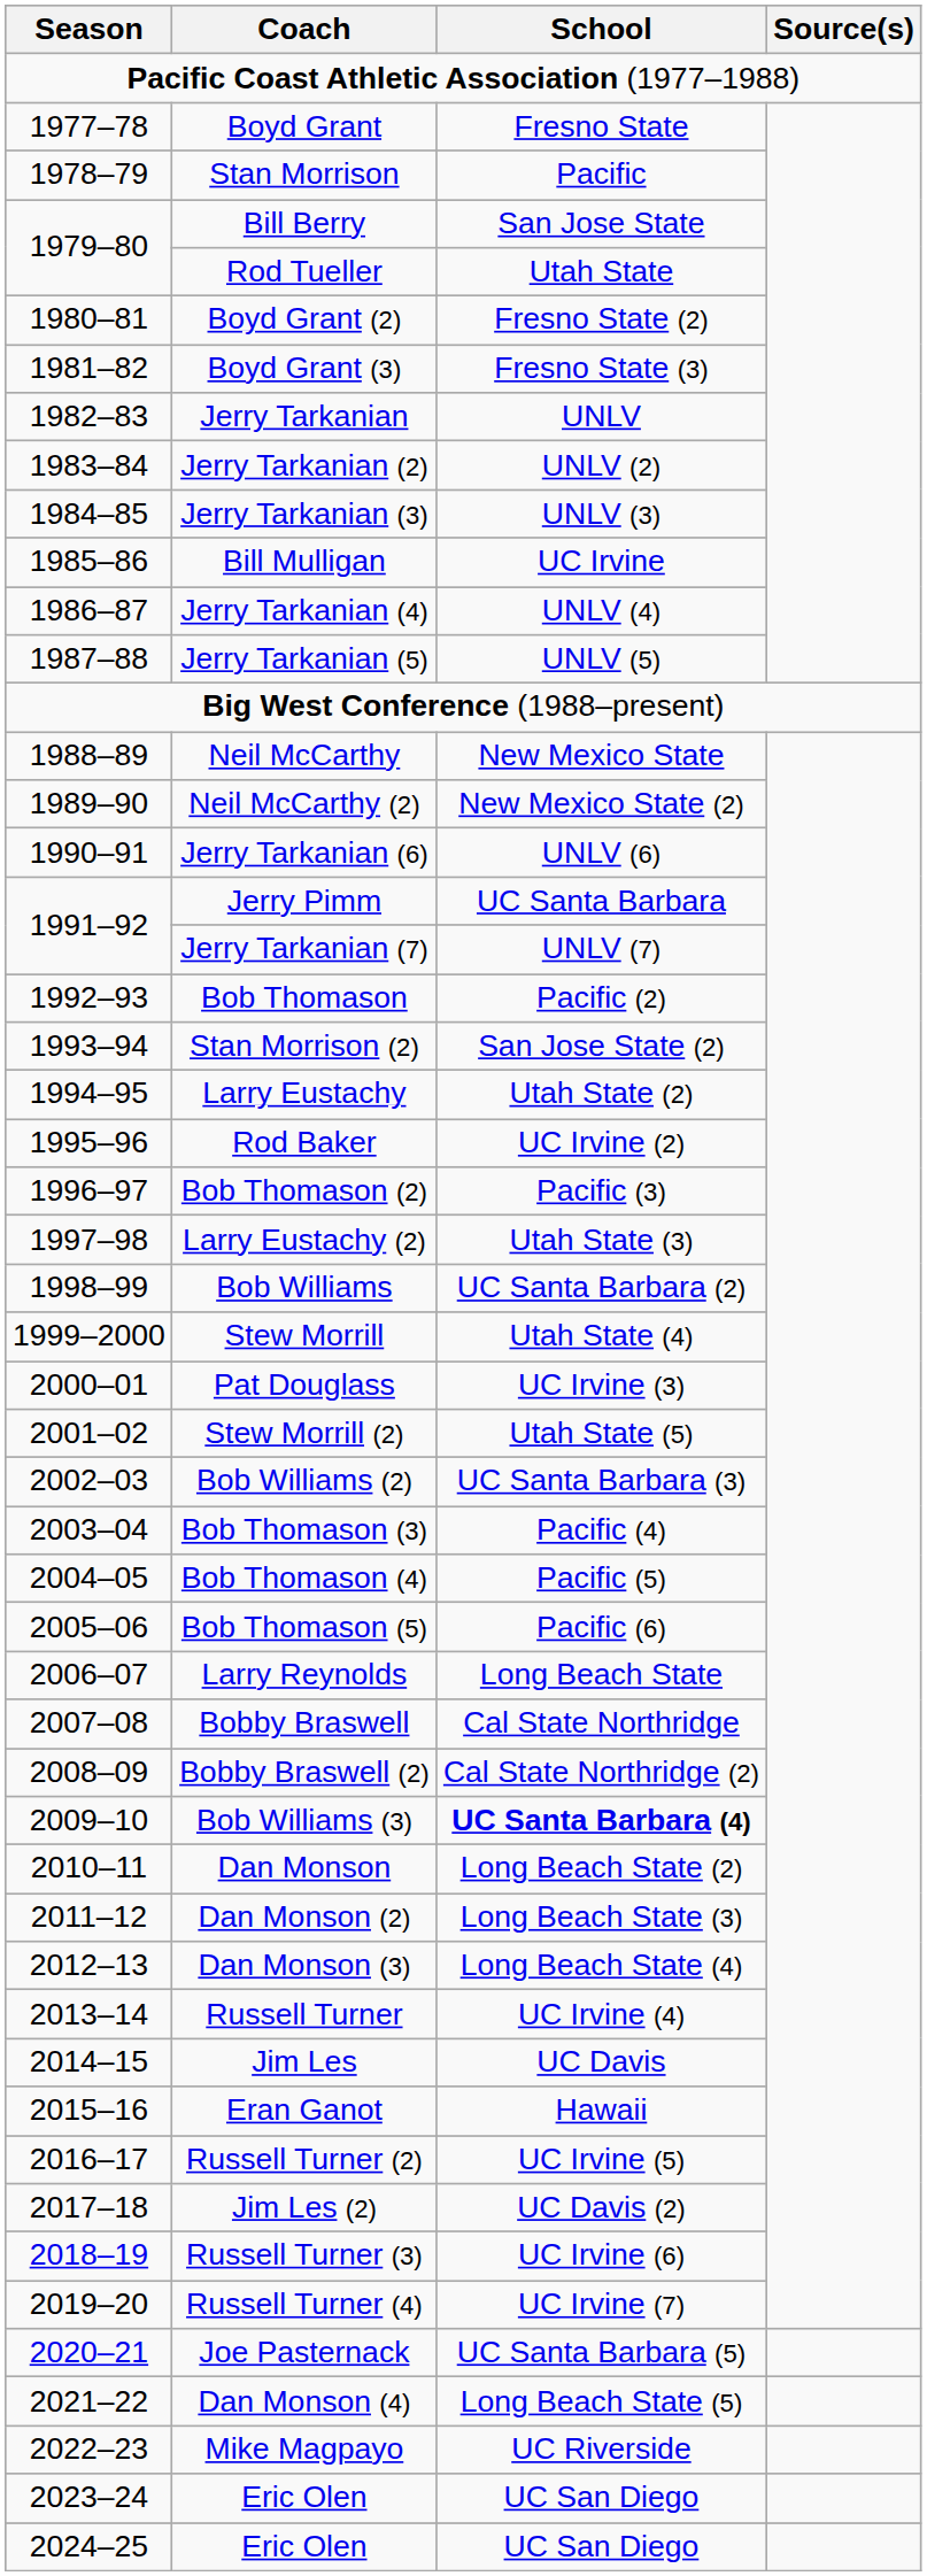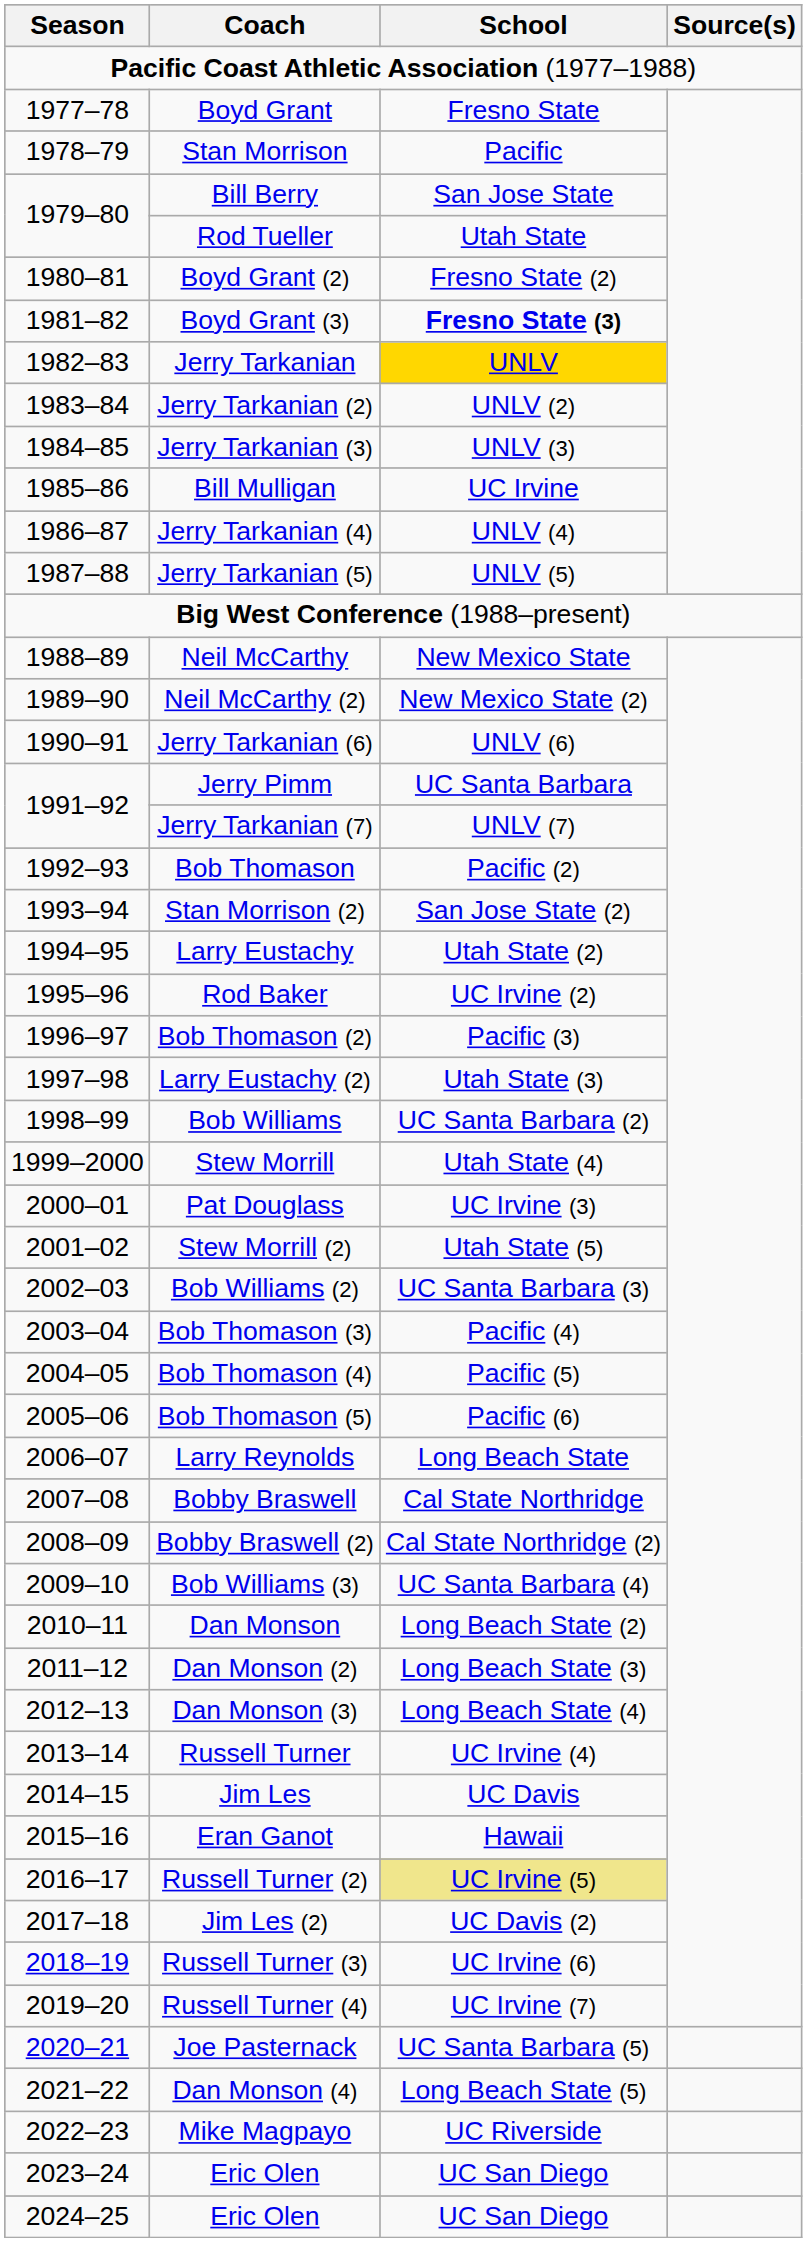 <table class="wikitable" style="text-align:center;">
 <tr>
 <th>Season</th>
 <th>Coach</th>
 <th>School</th>
 <th>Source(s)</th>
 </tr>
 <tr>
 <td colspan=4><strong>Pacific Coast Athletic Association</strong> (1977–1988)</td>
 </tr>
 <tr>
 <td>1977–78</td>
 <td><a href='#'>Boyd Grant</a></td>
 <td><a href='#'>Fresno State</a></td>
 <td rowspan=12></td>
 </tr>
 <tr>
 <td>1978–79</td>
 <td><a href='#'>Stan Morrison</a></td>
 <td><a href='#'>Pacific</a></td>
 </tr>
 <tr>
 <td rowspan=2>1979–80</td>
 <td><a href='#'>Bill Berry</a></td>
 <td><a href='#'>San Jose State</a></td>
 </tr>
 <tr>
 <td><a href='#'>Rod Tueller</a></td>
 <td><a href='#'>Utah State</a></td>
 </tr>
 <tr>
 <td>1980–81</td>
 <td><a href='#'>Boyd Grant</a> <small>(2)</small></td>
 <td><a href='#'>Fresno State</a> <small>(2)</small></td>
 </tr>
 <tr>
 <td>1981–82</td>
 <td><a href='#'>Boyd Grant</a> <small>(3)</small></td>
-<td><a href='#'>Fresno State</a> <small>(3)</small></td>
+<td><strong><a href='#'>Fresno State</a> <small>(3)</small></strong></td>
 </tr>
 <tr>
 <td>1982–83</td>
 <td><a href='#'>Jerry Tarkanian</a></td>
-<td><a href='#'>UNLV</a></td>
+<td style="background: gold;"><a href='#'>UNLV</a></td>
 </tr>
 <tr>
 <td>1983–84</td>
 <td><a href='#'>Jerry Tarkanian</a> <small>(2)</small></td>
 <td><a href='#'>UNLV</a> <small>(2)</small></td>
 </tr>
 <tr>
 <td>1984–85</td>
 <td><a href='#'>Jerry Tarkanian</a> <small>(3)</small></td>
 <td><a href='#'>UNLV</a> <small>(3)</small></td>
 </tr>
 <tr>
 <td>1985–86</td>
 <td><a href='#'>Bill Mulligan</a></td>
 <td><a href='#'>UC Irvine</a></td>
 </tr>
 <tr>
 <td>1986–87</td>
 <td><a href='#'>Jerry Tarkanian</a> <small>(4)</small></td>
 <td><a href='#'>UNLV</a> <small>(4)</small></td>
 </tr>
 <tr>
 <td>1987–88</td>
 <td><a href='#'>Jerry Tarkanian</a> <small>(5)</small></td>
 <td><a href='#'>UNLV</a> <small>(5)</small></td>
 </tr>
 <tr>
 <td colspan=4><strong>Big West Conference</strong> (1988–present)</td>
 </tr>
 <tr>
 <td>1988–89</td>
 <td><a href='#'>Neil McCarthy</a></td>
 <td><a href='#'>New Mexico State</a></td>
 <td rowspan=33></td>
 </tr>
 <tr>
 <td>1989–90</td>
 <td><a href='#'>Neil McCarthy</a> <small>(2)</small></td>
 <td><a href='#'>New Mexico State</a> <small>(2)</small></td>
 </tr>
 <tr>
 <td>1990–91</td>
 <td><a href='#'>Jerry Tarkanian</a> <small>(6)</small></td>
 <td><a href='#'>UNLV</a> <small>(6)</small></td>
 </tr>
 <tr>
 <td rowspan=2>1991–92</td>
 <td><a href='#'>Jerry Pimm</a></td>
 <td><a href='#'>UC Santa Barbara</a></td>
 </tr>
 <tr>
 <td><a href='#'>Jerry Tarkanian</a> <small>(7)</small></td>
 <td><a href='#'>UNLV</a> <small>(7)</small></td>
 </tr>
 <tr>
 <td>1992–93</td>
 <td><a href='#'>Bob Thomason</a></td>
 <td><a href='#'>Pacific</a> <small>(2)</small></td>
 </tr>
 <tr>
 <td>1993–94</td>
 <td><a href='#'>Stan Morrison</a> <small>(2)</small></td>
 <td><a href='#'>San Jose State</a> <small>(2)</small></td>
 </tr>
 <tr>
 <td>1994–95</td>
 <td><a href='#'>Larry Eustachy</a></td>
 <td><a href='#'>Utah State</a> <small>(2)</small></td>
 </tr>
 <tr>
 <td>1995–96</td>
 <td><a href='#'>Rod Baker</a></td>
 <td><a href='#'>UC Irvine</a> <small>(2)</small></td>
 </tr>
 <tr>
 <td>1996–97</td>
 <td><a href='#'>Bob Thomason</a> <small>(2)</small></td>
 <td><a href='#'>Pacific</a> <small>(3)</small></td>
 </tr>
 <tr>
 <td>1997–98</td>
 <td><a href='#'>Larry Eustachy</a> <small>(2)</small></td>
 <td><a href='#'>Utah State</a> <small>(3)</small></td>
 </tr>
 <tr>
 <td>1998–99</td>
 <td><a href='#'>Bob Williams</a></td>
 <td><a href='#'>UC Santa Barbara</a> <small>(2)</small></td>
 </tr>
 <tr>
 <td>1999–2000</td>
 <td><a href='#'>Stew Morrill</a></td>
 <td><a href='#'>Utah State</a> <small>(4)</small></td>
 </tr>
 <tr>
 <td>2000–01</td>
 <td><a href='#'>Pat Douglass</a></td>
 <td><a href='#'>UC Irvine</a> <small>(3)</small></td>
 </tr>
 <tr>
 <td>2001–02</td>
 <td><a href='#'>Stew Morrill</a> <small>(2)</small></td>
 <td><a href='#'>Utah State</a> <small>(5)</small></td>
 </tr>
 <tr>
 <td>2002–03</td>
 <td><a href='#'>Bob Williams</a> <small>(2)</small></td>
 <td><a href='#'>UC Santa Barbara</a> <small>(3)</small></td>
 </tr>
 <tr>
 <td>2003–04</td>
 <td><a href='#'>Bob Thomason</a> <small>(3)</small></td>
 <td><a href='#'>Pacific</a> <small>(4)</small></td>
 </tr>
 <tr>
 <td>2004–05</td>
 <td><a href='#'>Bob Thomason</a> <small>(4)</small></td>
 <td><a href='#'>Pacific</a> <small>(5)</small></td>
 </tr>
 <tr>
 <td>2005–06</td>
 <td><a href='#'>Bob Thomason</a> <small>(5)</small></td>
 <td><a href='#'>Pacific</a> <small>(6)</small></td>
 </tr>
 <tr>
 <td>2006–07</td>
 <td><a href='#'>Larry Reynolds</a></td>
 <td><a href='#'>Long Beach State</a></td>
 </tr>
 <tr>
 <td>2007–08</td>
 <td><a href='#'>Bobby Braswell</a></td>
 <td><a href='#'>Cal State Northridge</a></td>
 </tr>
 <tr>
 <td>2008–09</td>
 <td><a href='#'>Bobby Braswell</a> <small>(2)</small></td>
 <td><a href='#'>Cal State Northridge</a> <small>(2)</small></td>
 </tr>
 <tr>
 <td>2009–10</td>
 <td><a href='#'>Bob Williams</a> <small>(3)</small></td>
-<td><strong><a href='#'>UC Santa Barbara</a> <small>(4)</small></strong></td>
+<td><a href='#'>UC Santa Barbara</a> <small>(4)</small></td>
 </tr>
 <tr>
 <td>2010–11</td>
 <td><a href='#'>Dan Monson</a></td>
 <td><a href='#'>Long Beach State</a> <small>(2)</small></td>
 </tr>
 <tr>
 <td>2011–12</td>
 <td><a href='#'>Dan Monson</a> <small>(2)</small></td>
 <td><a href='#'>Long Beach State</a> <small>(3)</small></td>
 </tr>
 <tr>
 <td>2012–13</td>
 <td><a href='#'>Dan Monson</a> <small>(3)</small></td>
 <td><a href='#'>Long Beach State</a> <small>(4)</small></td>
 </tr>
 <tr>
 <td>2013–14</td>
 <td><a href='#'>Russell Turner</a></td>
 <td><a href='#'>UC Irvine</a> <small>(4)</small></td>
 </tr>
 <tr>
 <td>2014–15</td>
 <td><a href='#'>Jim Les</a></td>
 <td><a href='#'>UC Davis</a></td>
 </tr>
 <tr>
 <td>2015–16</td>
 <td><a href='#'>Eran Ganot</a></td>
 <td><a href='#'>Hawaii</a></td>
 </tr>
 <tr>
 <td>2016–17</td>
 <td><a href='#'>Russell Turner</a> <small>(2)</small></td>
-<td><a href='#'>UC Irvine</a> <small>(5)</small></td>
+<td style="background: khaki;"><a href='#'>UC Irvine</a> <small>(5)</small></td>
 </tr>
 <tr>
 <td>2017–18</td>
 <td><a href='#'>Jim Les</a> <small>(2)</small></td>
 <td><a href='#'>UC Davis</a> <small>(2)</small></td>
 </tr>
 <tr>
 <td><a href='#'>2018–19</a></td>
 <td><a href='#'>Russell Turner</a> <small>(3)</small></td>
 <td><a href='#'>UC Irvine</a> <small>(6)</small></td>
 </tr>
 <tr>
 <td>2019–20</td>
 <td><a href='#'>Russell Turner</a> <small>(4)</small></td>
 <td><a href='#'>UC Irvine</a> <small>(7)</small></td>
 </tr>
 <tr>
 <td><a href='#'>2020–21</a></td>
 <td><a href='#'>Joe Pasternack</a></td>
 <td><a href='#'>UC Santa Barbara</a> <small>(5)</small></td>
 <td></td>
 </tr>
 <tr>
 <td>2021–22</td>
 <td><a href='#'>Dan Monson</a> <small>(4)</small></td>
 <td><a href='#'>Long Beach State</a> <small>(5)</small></td>
 <td></td>
 </tr>
 <tr>
 <td>2022–23</td>
 <td><a href='#'>Mike Magpayo</a></td>
 <td><a href='#'>UC Riverside</a></td>
 <td></td>
 </tr>
 <tr>
 <td>2023–24</td>
 <td><a href='#'>Eric Olen</a></td>
 <td><a href='#'>UC San Diego</a></td>
 </tr>
 <tr>
 <td>2024–25</td>
 <td><a href='#'>Eric Olen</a></td>
 <td><a href='#'>UC San Diego</a></td>
 <td></td>
 </tr>
 </table>
